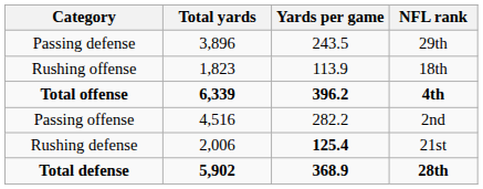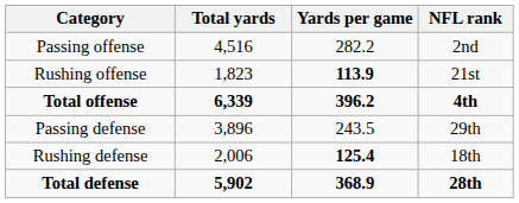 <table class="wikitable" style="text-align:center">
 <tr>
 <th width=150px>Category</th>
 <th width=100px>Total yards</th>
 <th width=110px>Yards per game</th>
 <th width=80px>NFL rank<br></th>
 </tr>
 <tr>
-<td>Passing defense</td>
-<td>3,896</td>
-<td>243.5</td>
-<td>29th</td>
+<td>Passing offense</td>
+<td>4,516</td>
+<td>282.2</td>
+<td>2nd</td>
 </tr>
 <tr>
 <td>Rushing offense</td>
 <td>1,823</td>
-<td>113.9</td>
-<td>18th</td>
+<td><strong>113.9</strong></td>
+<td>21st</td>
 </tr>
 <tr>
 <td><strong>Total offense</strong></td>
 <td><strong>6,339</strong></td>
 <td><strong>396.2</strong></td>
 <td><strong>4th</strong></td>
 </tr>
 <tr>
-<td>Passing offense</td>
-<td>4,516</td>
-<td>282.2</td>
-<td>2nd</td>
+<td>Passing defense</td>
+<td>3,896</td>
+<td>243.5</td>
+<td>29th</td>
 </tr>
 <tr>
 <td>Rushing defense</td>
 <td>2,006</td>
 <td><strong>125.4</strong></td>
-<td>21st</td>
+<td>18th</td>
 </tr>
 <tr>
 <td><strong>Total defense</strong></td>
 <td><strong>5,902</strong></td>
 <td><strong>368.9</strong></td>
 <td><strong>28th</strong></td>
 </tr>
 </table>
